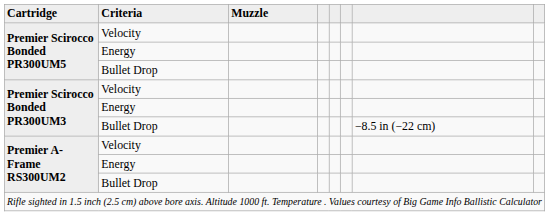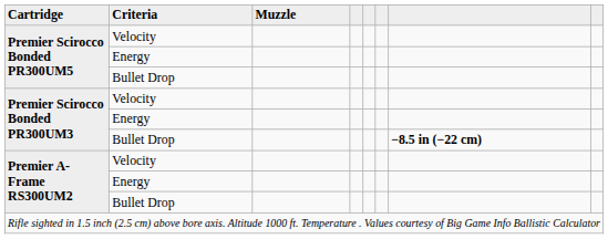 <table class="wikitable" border="1">
 <tr>
 <td style="background: #eeeeee" width="120pt"><strong>Cartridge</strong></td>
 <td style="background: #eeeeee"><strong>Criteria</strong></td>
 <td style="background: #eeeeee"><strong>Muzzle</strong></td>
 <td style="background: #eeeeee"><strong></strong></td>
 <td style="background: #eeeeee"><strong></strong></td>
 <td style="background: #eeeeee"><strong></strong></td>
 <td style="background: #eeeeee"><strong></strong></td>
 <td style="background: #eeeeee"><strong></strong></td>
 </tr>
 <tr>
 <td style="background: #eeeeee" rowspan="3"><strong>Premier Scirocco Bonded  PR300UM5</strong></td>
 <td>Velocity</td>
 <td></td>
 <td></td>
 <td></td>
 <td></td>
 <td></td>
 <td></td>
 </tr>
 <tr>
 <td>Energy</td>
 <td></td>
 <td></td>
 <td></td>
 <td></td>
 <td></td>
 <td></td>
 </tr>
 <tr>
 <td>Bullet Drop</td>
 <td></td>
 <td></td>
 <td></td>
 <td></td>
 <td></td>
 <td></td>
 </tr>
 <tr>
 <td style="background: #eeeeee" rowspan="3"><strong>Premier Scirocco Bonded  PR300UM3</strong></td>
 <td>Velocity</td>
 <td></td>
 <td></td>
 <td></td>
 <td></td>
 <td></td>
 <td></td>
 </tr>
 <tr>
 <td>Energy</td>
 <td></td>
 <td></td>
 <td></td>
 <td></td>
 <td></td>
 <td></td>
 </tr>
 <tr>
 <td>Bullet Drop</td>
 <td></td>
 <td></td>
 <td></td>
 <td></td>
-<td>−8.5 in (−22 cm)</td>
+<td><strong>−8.5 in (−22 cm)</strong></td>
 <td></td>
 </tr>
 <tr>
 <td style="background: #eeeeee" rowspan="3"><strong>Premier A-Frame  RS300UM2</strong></td>
 <td>Velocity</td>
 <td></td>
 <td></td>
 <td></td>
 <td></td>
 <td></td>
 <td></td>
 </tr>
 <tr>
 <td>Energy</td>
 <td></td>
 <td></td>
 <td></td>
 <td></td>
 <td></td>
 <td></td>
 </tr>
 <tr>
 <td>Bullet Drop</td>
 <td></td>
 <td></td>
 <td></td>
 <td></td>
 <td></td>
 <td></td>
 </tr>
 <tr>
 <td colspan="8" align="center"><small><em>Rifle sighted in 1.5 inch (2.5 cm) above bore axis. Altitude 1000 ft. Temperature . Values courtesy of Big Game Info Ballistic Calculator</em></small></td>
 </tr>
 </table>
